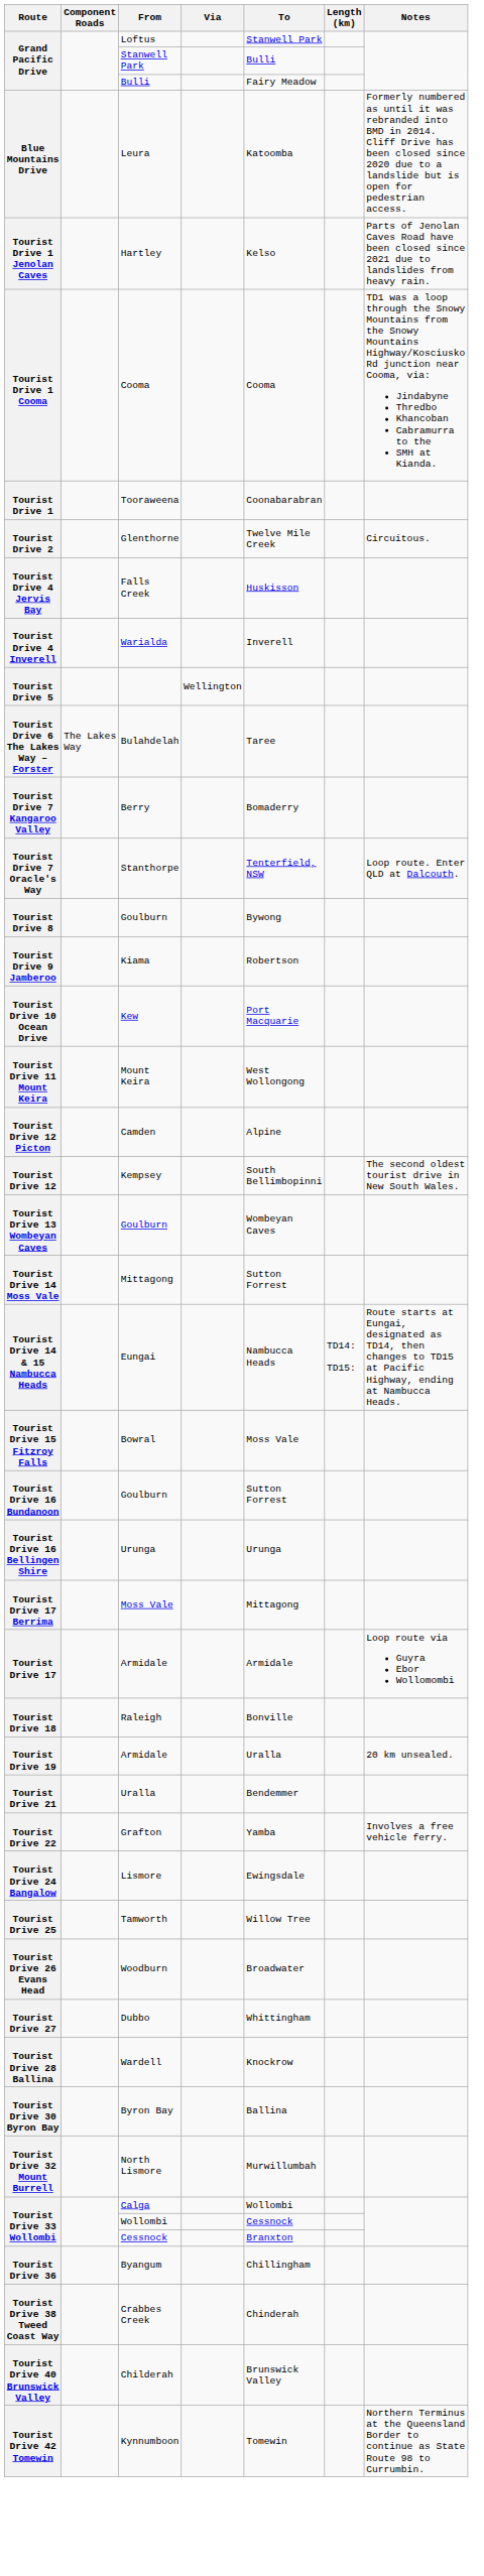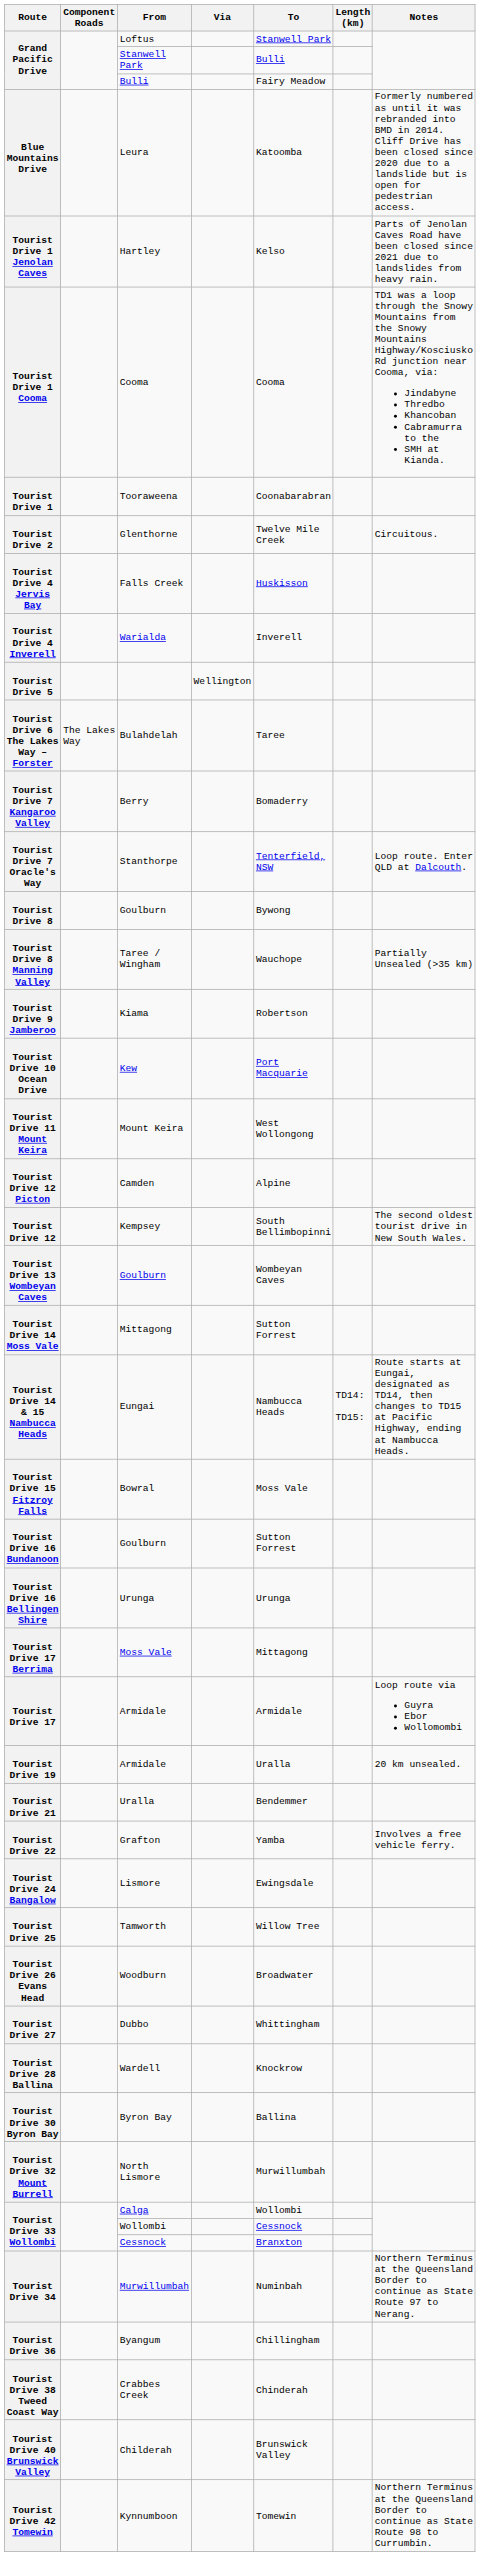 <table class="wikitable sortable mw-collapsible">
 <tr>
 <th scope="col">Route</th>
 <th scope="col">Component Roads</th>
 <th scope="col">From</th>
 <th scope="col">Via</th>
 <th scope="col">To</th>
 <th scope="col">Length (km)</th>
 <th scope="col">Notes</th>
 </tr>
 <tr>
 <th rowspan="3">Grand Pacific Drive</th>
 <td rowspan="3"></td>
 <td>Loftus</td>
 <td></td>
 <td><a href='#'>Stanwell Park</a></td>
 <td></td>
 <td rowspan="3"></td>
 </tr>
 <tr>
 <td><a href='#'>Stanwell Park</a></td>
 <td></td>
 <td><a href='#'>Bulli</a></td>
 <td></td>
 </tr>
 <tr>
 <td><a href='#'>Bulli</a></td>
 <td></td>
 <td>Fairy Meadow</td>
 <td></td>
 </tr>
 <tr>
 <th><br><strong>Blue Mountains Drive</strong></th>
 <td></td>
 <td>Leura</td>
 <td></td>
 <td>Katoomba</td>
 <td></td>
 <td>Formerly numbered as  until it was rebranded into BMD in 2014.<br>Cliff Drive has been closed since 2020 due to a landslide but is open for pedestrian access.</td>
 </tr>
 <tr>
 <th><br><strong>Tourist Drive 1</strong><br><a href='#'>Jenolan Caves</a></th>
 <td></td>
 <td>Hartley</td>
 <td></td>
 <td>Kelso</td>
 <td></td>
 <td>Parts of Jenolan Caves Road have been closed since 2021 due to landslides from heavy rain.</td>
 </tr>
 <tr>
 <th><br><strong>Tourist Drive 1</strong><br><a href='#'>Cooma</a></th>
 <td></td>
 <td>Cooma</td>
 <td></td>
 <td>Cooma</td>
 <td></td>
 <td>TD1 was a loop through the Snowy Mountains from the Snowy Mountains Highway/Kosciusko Rd junction near Cooma, via:<br><ul><li>Jindabyne</li><li>Thredbo</li><li>Khancoban</li><li>Cabramurra to the</li><li>SMH at Kianda.</li></ul></td>
 </tr>
 <tr>
 <th><br><strong>Tourist Drive 1</strong></th>
 <td></td>
 <td>Tooraweena</td>
 <td></td>
 <td>Coonabarabran</td>
 <td></td>
 <td></td>
 </tr>
 <tr>
 <th><br><strong>Tourist Drive 2</strong></th>
 <td></td>
 <td>Glenthorne</td>
 <td></td>
 <td>Twelve Mile Creek</td>
 <td></td>
 <td>Circuitous.</td>
 </tr>
 <tr>
 <th><br><strong>Tourist Drive 4</strong><br><a href='#'>Jervis Bay</a></th>
 <td></td>
 <td>Falls Creek</td>
 <td></td>
 <td><a href='#'>Huskisson</a></td>
 <td></td>
 <td></td>
 </tr>
 <tr>
 <th><br><strong>Tourist Drive 4</strong><br><a href='#'>Inverell</a></th>
 <td></td>
 <td><a href='#'>Warialda</a></td>
 <td></td>
 <td>Inverell</td>
 <td></td>
 <td></td>
 </tr>
 <tr>
 <th><br><strong>Tourist Drive 5</strong></th>
 <td></td>
 <td></td>
 <td>Wellington </td>
 <td></td>
 <td></td>
 </tr>
 <tr>
 <th><br><strong>Tourist Drive 6</strong><br>The Lakes Way – <a href='#'>Forster</a></th>
 <td>The Lakes Way</td>
 <td>Bulahdelah</td>
 <td></td>
 <td>Taree</td>
 <td></td>
 <td></td>
 </tr>
 <tr>
 <th><br><strong>Tourist Drive 7</strong><br><a href='#'>Kangaroo Valley</a></th>
 <td></td>
 <td>Berry</td>
 <td></td>
 <td>Bomaderry</td>
 <td></td>
 <td></td>
 </tr>
 <tr>
 <th><br><strong>Tourist Drive 7</strong><br>Oracle's Way</th>
 <td></td>
 <td>Stanthorpe</td>
 <td></td>
 <td><a href='#'>Tenterfield, NSW</a></td>
 <td></td>
 <td>Loop route. Enter QLD at <a href='#'>Dalcouth</a>.<br></td>
 </tr>
 <tr>
 <th><br><strong>Tourist Drive 8</strong></th>
 <td></td>
 <td>Goulburn</td>
 <td></td>
 <td>Bywong</td>
 <td></td>
 <td></td>
 </tr>
 <tr>
+<th><br><strong>Tourist Drive 8</strong><br><a href='#'>Manning Valley</a></th>
+<td></td>
+<td>Taree / Wingham</td>
+<td></td>
+<td>Wauchope</td>
+<td></td>
+<td>Partially Unsealed (>35 km)<br></td>
+</tr>
+<tr>
 <th><br><strong>Tourist Drive 9</strong><br><a href='#'>Jamberoo</a></th>
 <td></td>
 <td>Kiama</td>
 <td></td>
 <td>Robertson</td>
 <td></td>
 <td></td>
 </tr>
 <tr>
 <th><br><strong>Tourist Drive 10</strong><br>Ocean Drive</th>
 <td></td>
 <td><a href='#'>Kew</a></td>
 <td></td>
 <td><a href='#'>Port Macquarie</a></td>
 <td></td>
 <td></td>
 </tr>
 <tr>
 <th><br><strong>Tourist Drive 11</strong><br><a href='#'>Mount Keira</a></th>
 <td></td>
 <td>Mount Keira</td>
 <td></td>
 <td>West Wollongong</td>
 <td></td>
 <td></td>
 </tr>
 <tr>
 <th><br><strong>Tourist Drive 12</strong><br><a href='#'>Picton</a></th>
 <td></td>
 <td>Camden</td>
 <td></td>
 <td>Alpine</td>
 <td></td>
 <td></td>
 </tr>
 <tr>
 <th><br><strong>Tourist Drive 12</strong></th>
 <td></td>
 <td>Kempsey</td>
 <td></td>
 <td>South Bellimbopinni</td>
 <td></td>
 <td>The second oldest tourist drive in New South Wales.<br></td>
 </tr>
 <tr>
 <th><br><strong>Tourist Drive 13</strong><br><a href='#'>Wombeyan Caves</a></th>
 <td></td>
 <td><a href='#'>Goulburn</a></td>
 <td></td>
 <td>Wombeyan Caves</td>
 <td></td>
 <td></td>
 </tr>
 <tr>
 <th><br><strong>Tourist Drive 14</strong><br><a href='#'>Moss Vale</a></th>
 <td></td>
 <td>Mittagong</td>
 <td></td>
 <td>Sutton Forrest</td>
 <td></td>
 <td></td>
 </tr>
 <tr>
 <th><br><strong>Tourist Drive 14 & 15</strong><br><a href='#'>Nambucca Heads</a></th>
 <td></td>
 <td>Eungai</td>
 <td></td>
 <td>Nambucca Heads</td>
 <td>TD14:<br><br>TD15:<br></td>
 <td>Route starts at Eungai, designated as TD14, then changes to TD15 at Pacific Highway, ending at Nambucca Heads.<br></td>
 </tr>
 <tr>
 <th><br><strong>Tourist Drive 15</strong> <a href='#'>Fitzroy Falls</a></th>
 <td></td>
 <td>Bowral</td>
 <td></td>
 <td>Moss Vale</td>
 <td></td>
 <td></td>
 </tr>
 <tr>
 <th><br><strong>Tourist Drive 16</strong><br><a href='#'>Bundanoon</a></th>
 <td></td>
 <td>Goulburn</td>
 <td></td>
 <td>Sutton Forrest</td>
 <td></td>
 <td></td>
 </tr>
 <tr>
 <th><br><strong>Tourist Drive 16</strong><br><a href='#'>Bellingen Shire</a></th>
 <td></td>
 <td>Urunga</td>
 <td></td>
 <td>Urunga</td>
 <td></td>
 <td></td>
 </tr>
 <tr>
 <th><br><strong>Tourist Drive 17</strong><br><a href='#'>Berrima</a></th>
 <td></td>
 <td><a href='#'>Moss Vale</a></td>
 <td></td>
 <td>Mittagong</td>
 <td></td>
 <td></td>
 </tr>
 <tr>
 <th><br><strong>Tourist Drive 17</strong></th>
 <td></td>
 <td>Armidale</td>
 <td></td>
 <td>Armidale</td>
 <td></td>
 <td> Loop route via<br><ul><li>Guyra</li><li>Ebor</li><li>Wollomombi</li></ul></td>
 </tr>
 <tr>
-<th><br><strong>Tourist Drive 18</strong></th>
-<td></td>
-<td>Raleigh</td>
-<td></td>
-<td>Bonville</td>
-<td></td>
-<td></td>
-</tr>
-<tr>
 <th><br><strong>Tourist Drive 19</strong> </th>
 <td></td>
 <td>Armidale</td>
 <td></td>
 <td>Uralla</td>
 <td></td>
 <td>20 km unsealed.</td>
 </tr>
 <tr>
 <th><br><strong>Tourist Drive 21</strong></th>
 <td></td>
 <td>Uralla</td>
 <td></td>
 <td>Bendemmer</td>
 <td></td>
 <td></td>
 </tr>
 <tr>
 <th><br><strong>Tourist Drive 22</strong></th>
 <td></td>
 <td>Grafton</td>
 <td></td>
 <td>Yamba</td>
 <td></td>
 <td>Involves a free vehicle ferry.</td>
 </tr>
 <tr>
 <th><br><strong>Tourist Drive 24</strong><br><a href='#'>Bangalow</a> </th>
 <td></td>
 <td>Lismore</td>
 <td></td>
 <td>Ewingsdale</td>
 <td></td>
 <td></td>
 </tr>
 <tr>
 <th><br><strong>Tourist Drive 25</strong></th>
 <td></td>
 <td>Tamworth</td>
 <td></td>
 <td>Willow Tree</td>
 <td></td>
 <td></td>
 </tr>
 <tr>
 <th><br><strong>Tourist Drive 26</strong><br>Evans Head</th>
 <td></td>
 <td>Woodburn</td>
 <td></td>
 <td>Broadwater</td>
 <td></td>
 <td></td>
 </tr>
 <tr>
 <th><br><strong>Tourist Drive 27</strong></th>
 <td></td>
 <td>Dubbo</td>
 <td></td>
 <td>Whittingham</td>
 <td></td>
 <td></td>
 </tr>
 <tr>
 <th><br><strong>Tourist Drive 28</strong><br>Ballina</th>
 <td></td>
 <td>Wardell</td>
 <td></td>
 <td>Knockrow</td>
 <td></td>
 <td></td>
 </tr>
 <tr>
 <th><br><strong>Tourist Drive 30</strong><br>Byron Bay</th>
 <td></td>
 <td>Byron Bay</td>
 <td></td>
 <td>Ballina</td>
 <td></td>
 <td></td>
 </tr>
 <tr>
 <th><br><strong>Tourist Drive 32</strong><br><a href='#'>Mount Burrell</a></th>
 <td></td>
 <td>North Lismore</td>
 <td></td>
 <td>Murwillumbah</td>
 <td></td>
 <td></td>
 </tr>
 <tr>
 <th rowspan="3"><br><strong>Tourist Drive 33</strong><br><a href='#'>Wollombi</a></th>
 <td rowspan="3"></td>
 <td><a href='#'>Calga</a></td>
 <td></td>
 <td>Wollombi</td>
 <td></td>
 <td rowspan="3"></td>
 </tr>
 <tr>
 <td>Wollombi</td>
 <td></td>
 <td><a href='#'>Cessnock</a></td>
 <td></td>
 </tr>
 <tr>
 <td><a href='#'>Cessnock</a></td>
 <td></td>
 <td><a href='#'>Branxton</a></td>
 <td></td>
 </tr>
 <tr>
+<th><br><strong>Tourist Drive 34</strong></th>
+<td></td>
+<td><a href='#'>Murwillumbah</a></td>
+<td></td>
+<td>Numinbah</td>
+<td></td>
+<td>Northern Terminus at the Queensland Border to continue as State Route 97 to Nerang.</td>
+</tr>
+<tr>
 <th><br><strong>Tourist Drive 36</strong></th>
 <td></td>
 <td>Byangum</td>
 <td></td>
 <td>Chillingham</td>
 <td></td>
 <td></td>
 </tr>
 <tr>
 <th><br><strong>Tourist Drive 38</strong><br>Tweed Coast Way</th>
 <td></td>
 <td>Crabbes Creek</td>
 <td></td>
 <td>Chinderah</td>
 <td></td>
 <td></td>
 </tr>
 <tr>
 <th><br><strong>Tourist Drive 40</strong><br><a href='#'>Brunswick Valley</a></th>
 <td></td>
 <td>Childerah</td>
 <td></td>
 <td>Brunswick Valley</td>
 <td></td>
 <td></td>
 </tr>
 <tr>
 <th><br><strong>Tourist Drive 42</strong><br><a href='#'>Tomewin</a></th>
 <td></td>
 <td>Kynnumboon</td>
 <td></td>
 <td>Tomewin</td>
 <td></td>
 <td>Northern Terminus at the Queensland Border to continue as State Route 98 to Currumbin.</td>
 </tr>
 </table>
